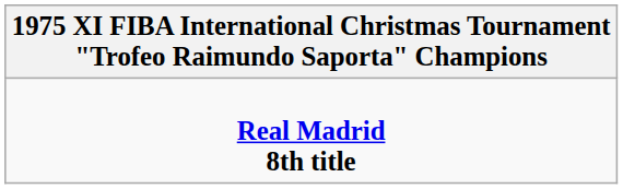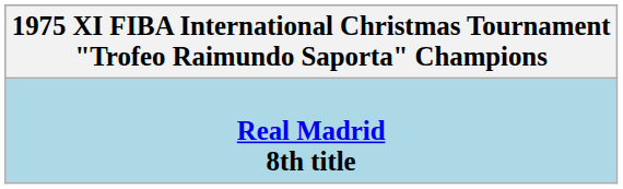 <table class=wikitable style="text-align:center; margin:auto">
 <tr>
 <th>1975 XI FIBA International Christmas Tournament<br>"Trofeo Raimundo Saporta" Champions</th>
 </tr>
 <tr>
-<td><br><strong><a href='#'>Real Madrid</a></strong><br><strong>8th title</strong></td>
+<td style="background: lightblue;"><br><strong><a href='#'>Real Madrid</a></strong><br><strong>8th title</strong></td>
 </tr>
 </table>
